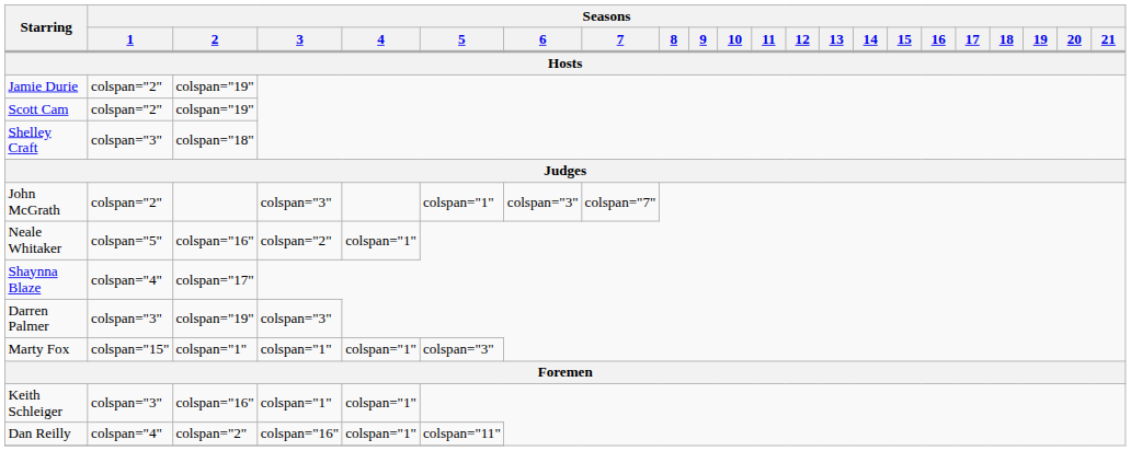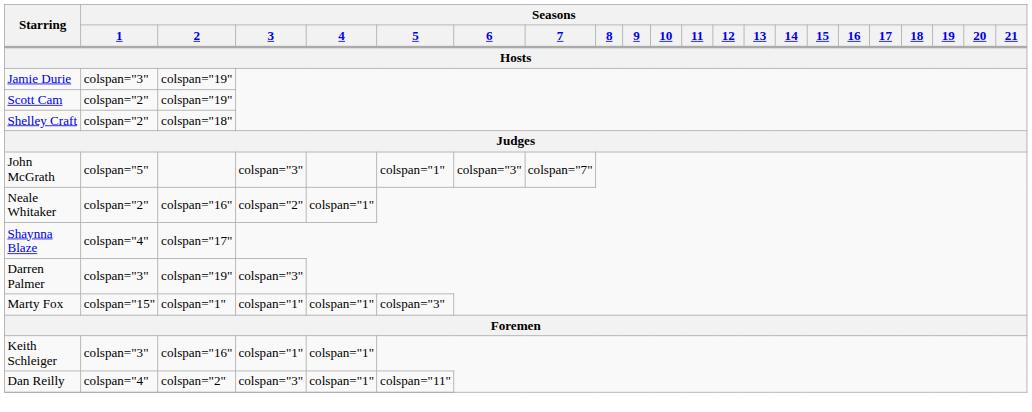 <table class="wikitable plainrowheaders">
 <tr>
 <th scope="col" style="width:8em;" rowspan="2">Starring</th>
 <th colspan="21" scope="col">Seasons</th>
 </tr>
 <tr>
 <th scope="col" style="width:3.5em;"><a href='#'>1</a></th>
 <th scope="col" style="width:3.5em;"><a href='#'>2</a></th>
 <th scope="col" style="width:3.5em;"><a href='#'>3</a></th>
 <th scope="col" style="width:3.5em;"><a href='#'>4</a></th>
 <th scope="col" style="width:3.5em;"><a href='#'>5</a></th>
 <th scope="col" style="width:3.5em;"><a href='#'>6</a></th>
 <th scope="col" style="width:3.5em;"><a href='#'>7</a></th>
 <th scope="col" style="width:3.5em;"><a href='#'>8</a></th>
 <th scope="col" style="width:3.5em;"><a href='#'>9</a></th>
 <th scope="col" style="width:3.5em;"><a href='#'>10</a></th>
 <th scope="col" style="width:3.5em;"><a href='#'>11</a></th>
 <th scope="col" style="width:3.5em;"><a href='#'>12</a></th>
 <th scope="col" style="width:3.5em;"><a href='#'>13</a></th>
 <th scope="col" style="width:3.5em;"><a href='#'>14</a></th>
 <th scope="col" style="width:3.5em;"><a href='#'>15</a></th>
 <th scope="col" style="width:3.5em;"><a href='#'>16</a></th>
 <th scope="col" style="width:3.5em;"><a href='#'>17</a></th>
 <th scope="col" style="width:3.5em;"><a href='#'>18</a></th>
 <th scope="col" style="width:3.5em;"><a href='#'>19</a></th>
 <th scope="col" style="width:3.5em;"><a href='#'>20</a></th>
 <th scope="col" style="width:3.5em;"><a href='#'>21</a></th>
 </tr>
 <tr style="border-top:3px solid #aaa;">
 <th colspan="22">Hosts</th>
 </tr>
 <tr>
 <td scope="row"><a href='#'>Jamie Durie</a></td>
-<td>colspan="2" </td>
+<td>colspan="3" </td>
 <td>colspan="19" </td>
 </tr>
 <tr>
 <td scope="row"><a href='#'>Scott Cam</a></td>
 <td>colspan="2" </td>
 <td>colspan="19" </td>
 </tr>
 <tr>
 <td scope="row"><a href='#'>Shelley Craft</a></td>
-<td>colspan="3" </td>
+<td>colspan="2" </td>
 <td>colspan="18" </td>
 </tr>
 <tr>
 <th colspan="22">Judges</th>
 </tr>
 <tr>
 <td scope="row">John McGrath</td>
-<td>colspan="2" </td>
+<td>colspan="5" </td>
 <td></td>
 <td>colspan="3" </td>
 <td></td>
 <td>colspan="1" </td>
 <td>colspan="3" </td>
 <td>colspan="7" </td>
 </tr>
 <tr>
 <td scope="row">Neale Whitaker</td>
-<td>colspan="5" </td>
+<td>colspan="2" </td>
 <td>colspan="16" </td>
 <td>colspan="2" </td>
 <td>colspan="1" </td>
 </tr>
 <tr>
 <td scope="row"><a href='#'>Shaynna Blaze</a></td>
 <td>colspan="4" </td>
 <td>colspan="17" </td>
 </tr>
 <tr>
 <td scope="row">Darren Palmer</td>
 <td>colspan="3" </td>
 <td>colspan="19" </td>
 <td>colspan="3" </td>
 </tr>
 <tr>
 <td scope="row">Marty Fox</td>
 <td>colspan="15" </td>
 <td>colspan="1" </td>
 <td>colspan="1" </td>
 <td>colspan="1" </td>
 <td>colspan="3" </td>
 </tr>
 <tr>
 <th colspan="22">Foremen</th>
 </tr>
 <tr>
 <td scope="row">Keith Schleiger</td>
 <td>colspan="3" </td>
 <td>colspan="16" </td>
 <td>colspan="1" </td>
 <td>colspan="1" </td>
 </tr>
 <tr>
 <td scope="row">Dan Reilly</td>
 <td>colspan="4" </td>
 <td>colspan="2" </td>
-<td>colspan="16" </td>
+<td>colspan="3" </td>
 <td>colspan="1" </td>
 <td>colspan="11" </td>
 </tr>
 <tr>
 </tr>
 </table>
